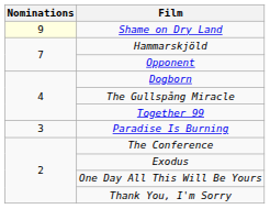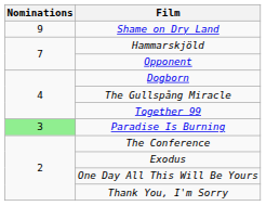 <table class="wikitable plainrowheaders" style="text-align: center;">
 <tr>
 <th scope="col" style="width:55px;">Nominations</th>
 <th scope="col" style="text-align:center;">Film</th>
 </tr>
 <tr>
-<td style="background: lightyellow;">9</td>
+<td>9</td>
 <td><em><a href='#'>Shame on Dry Land</a></em></td>
 </tr>
 <tr>
 <td rowspan="2">7</td>
 <td><em>Hammarskjöld</em></td>
 </tr>
 <tr>
 <td><em><a href='#'>Opponent</a></em></td>
 </tr>
 <tr>
 <td rowspan="3">4</td>
 <td><em><a href='#'>Dogborn</a></em></td>
 </tr>
 <tr>
 <td><em>The Gullspång Miracle</em></td>
 </tr>
 <tr>
 <td><em><a href='#'>Together 99</a></em></td>
 </tr>
 <tr>
-<td>3</td>
+<td style="background: lightgreen;">3</td>
 <td><em><a href='#'>Paradise Is Burning</a></em></td>
 </tr>
 <tr>
 <td rowspan="4">2</td>
 <td><em>The Conference</em></td>
 </tr>
 <tr>
 <td><em>Exodus</em></td>
 </tr>
 <tr>
 <td><em>One Day All This Will Be Yours</em></td>
 </tr>
 <tr>
 <td><em>Thank You, I'm Sorry</em></td>
 </tr>
 </table>
